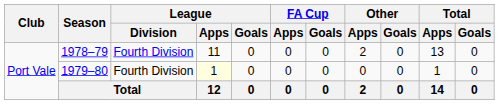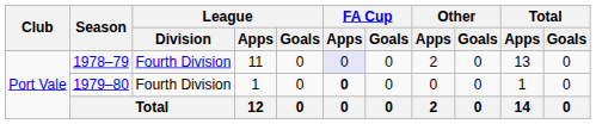 <table class="wikitable" style="text-align:center">
 <tr>
 <th rowspan="2">Club</th>
 <th rowspan="2">Season</th>
 <th colspan="3">League</th>
 <th colspan="2"><a href='#'>FA Cup</a></th>
 <th colspan="2">Other</th>
 <th colspan="2">Total</th>
 </tr>
 <tr>
 <th>Division</th>
 <th>Apps</th>
 <th>Goals</th>
 <th>Apps</th>
 <th>Goals</th>
 <th>Apps</th>
 <th>Goals</th>
 <th>Apps</th>
 <th>Goals</th>
 </tr>
 <tr>
 <td rowspan="3"><a href='#'>Port Vale</a></td>
 <td><a href='#'>1978–79</a></td>
 <td><a href='#'>Fourth Division</a></td>
 <td>11</td>
 <td>0</td>
-<td>0</td>
+<td style="background: lavender;">0</td>
 <td>0</td>
 <td>2</td>
 <td>0</td>
 <td>13</td>
 <td>0</td>
 </tr>
 <tr>
 <td><a href='#'>1979–80</a></td>
 <td>Fourth Division</td>
-<td style="background: lightyellow;">1</td>
+<td>1</td>
 <td>0</td>
-<td>0</td>
+<td><strong>0</strong></td>
 <td>0</td>
 <td>0</td>
 <td>0</td>
 <td>1</td>
 <td>0</td>
 </tr>
 <tr>
 <th colspan="2">Total</th>
 <th>12</th>
 <th>0</th>
 <th>0</th>
 <th>0</th>
 <th>2</th>
 <th>0</th>
 <th>14</th>
 <th>0</th>
 </tr>
 </table>
